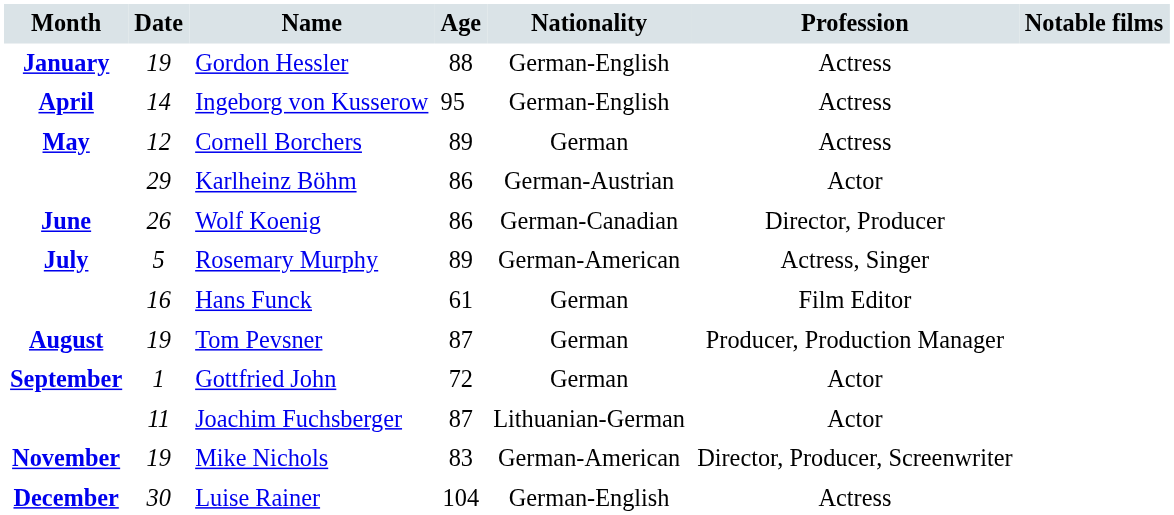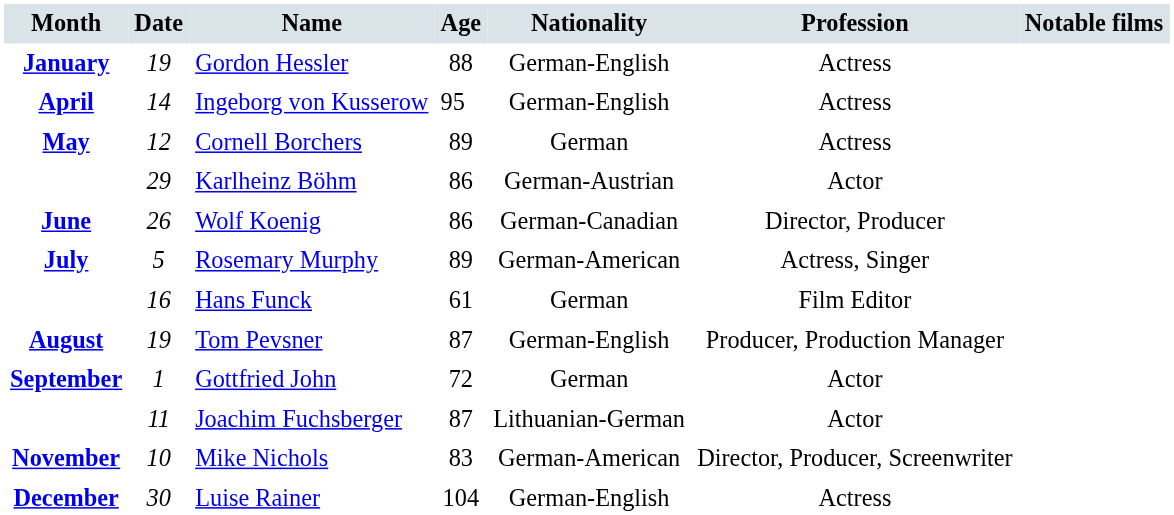 <table cellspacing="0" cellpadding="4" border="0">
 <tr style="background:#dae3e7; text-align:center;">
 <th>Month</th>
 <th>Date</th>
 <th>Name</th>
 <th>Age</th>
 <th>Nationality</th>
 <th>Profession</th>
 <th>Notable films</th>
 </tr>
 <tr valign="top">
 <th rowspan=1 style="text-align:center; vertical-align:top;"><a href='#'>January</a></th>
 <td style="text-align:center;"><em>19</em></td>
 <td><a href='#'>Gordon Hessler</a></td>
 <td style="text-align:center;">88</td>
 <td style="text-align:center;">German-English</td>
 <td style="text-align:center;">Actress</td>
 <td></td>
 </tr>
 <tr>
 <th rowspan=1 style="text-align:center; vertical-align:top;"><a href='#'>April</a></th>
 <td style="text-align:center;"><em>14</em></td>
 <td><a href='#'>Ingeborg von Kusserow</a></td>
 <td style=2text-align:center;>95</td>
 <td style="text-align:center;">German-English</td>
 <td style="text-align:center;">Actress</td>
 <td></td>
 </tr>
 <tr>
 <th rowspan=2 style="text-align:center; vertical-align:top;"><a href='#'>May</a></th>
 <td style="text-align:center;"><em>12</em></td>
 <td><a href='#'>Cornell Borchers</a></td>
 <td style="text-align:center;">89</td>
 <td style="text-align:center;">German</td>
 <td style="text-align:center;">Actress</td>
 <td></td>
 </tr>
 <tr>
 <td style="text-align:center;"><em>29</em></td>
 <td><a href='#'>Karlheinz Böhm</a></td>
 <td style="text-align:center;">86</td>
 <td style="text-align:center;">German-Austrian</td>
 <td style="text-align:center;">Actor</td>
 <td></td>
 </tr>
 <tr>
 <th rowspan=1 style="text-align:center; vertical-align:top;"><a href='#'>June</a></th>
 <td style="text-align:center;"><em>26</em></td>
 <td><a href='#'>Wolf Koenig</a></td>
 <td style="text-align:center;">86</td>
 <td style="text-align:center;">German-Canadian</td>
 <td style="text-align:center;">Director, Producer</td>
 <td></td>
 </tr>
 <tr>
 <th rowspan=2 style="text-align:center; vertical-align:top;"><a href='#'>July</a></th>
 <td style="text-align:center;"><em>5</em></td>
 <td><a href='#'>Rosemary Murphy</a></td>
 <td style="text-align:center;">89</td>
 <td style="text-align:center;">German-American</td>
 <td style="text-align:center;">Actress, Singer</td>
 <td></td>
 </tr>
 <tr>
 <td style="text-align:center;"><em>16</em></td>
 <td><a href='#'>Hans Funck</a></td>
 <td style="text-align:center;">61</td>
 <td style="text-align:center;">German</td>
 <td style="text-align:center;">Film Editor</td>
 <td></td>
 </tr>
 <tr>
 <th rowspan=1 style="text-align:center; vertical-align:top;"><a href='#'>August</a></th>
 <td style="text-align:center;"><em>19</em></td>
 <td><a href='#'>Tom Pevsner</a></td>
 <td style="text-align:center;">87</td>
-<td style="text-align:center;">German</td>
+<td style="text-align:center;">German-English</td>
 <td style="text-align:center;">Producer, Production Manager</td>
 <td></td>
 </tr>
 <tr>
 <th rowspan=2 style="text-align:center; vertical-align:top;"><a href='#'>September</a></th>
 <td style="text-align:center;"><em>1</em></td>
 <td><a href='#'>Gottfried John</a></td>
 <td style="text-align:center;">72</td>
 <td style="text-align:center;">German</td>
 <td style="text-align:center;">Actor</td>
 <td></td>
 </tr>
 <tr>
 <td style="text-align:center;"><em>11</em></td>
 <td><a href='#'>Joachim Fuchsberger</a></td>
 <td style="text-align:center;">87</td>
 <td style="text-align:center;">Lithuanian-German</td>
 <td style="text-align:center;">Actor</td>
 <td></td>
 </tr>
 <tr>
 <th rowspan=1 style="text-align:center; vertical-align:top;"><a href='#'>November</a></th>
-<td style="text-align:center;"><em>19</em></td>
+<td style="text-align:center;"><em>10</em></td>
 <td><a href='#'>Mike Nichols</a></td>
 <td style="text-align:center;">83</td>
 <td style="text-align:center;">German-American</td>
 <td style="text-align:center;">Director, Producer, Screenwriter</td>
 <td></td>
 </tr>
 <tr>
 <th rowspan=1 style="text-align:center; vertical-align:top;"><a href='#'>December</a></th>
 <td style="text-align:center;"><em>30</em></td>
 <td><a href='#'>Luise Rainer</a></td>
 <td style="text-align:center;">104</td>
 <td style="text-align:center;">German-English</td>
 <td style="text-align:center;">Actress</td>
 <td></td>
 </tr>
 <tr>
 </tr>
 </table>
